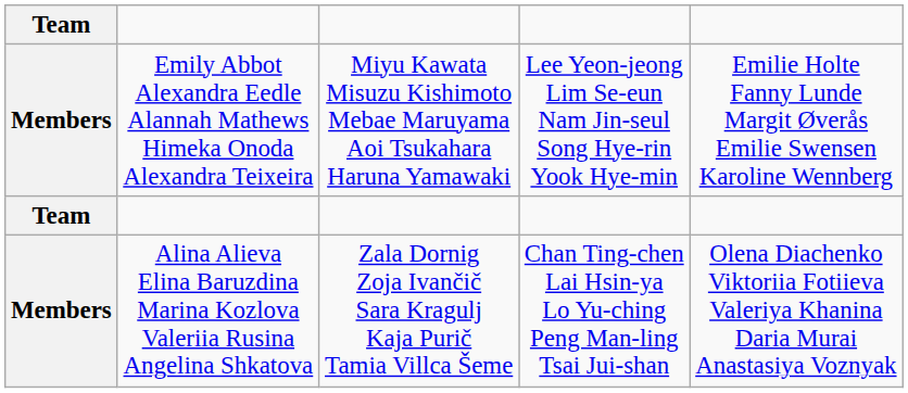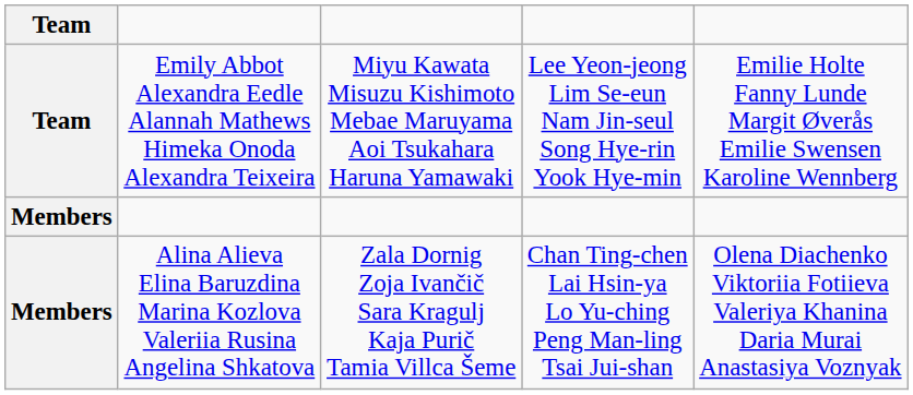 <table class="wikitable" style="text-align:center">
 <tr>
 <th>Team</th>
 <td><strong></strong></td>
 <td><strong></strong></td>
 <td><strong></strong></td>
 <td><strong></strong></td>
 </tr>
 <tr>
-<th>Members</th>
+<th>Team</th>
 <td><a href='#'>Emily Abbot</a> <br><a href='#'>Alexandra Eedle</a><br><a href='#'>Alannah Mathews</a><br><a href='#'>Himeka Onoda</a><br><a href='#'>Alexandra Teixeira</a></td>
 <td><a href='#'>Miyu Kawata</a><br><a href='#'>Misuzu Kishimoto</a><br><a href='#'>Mebae Maruyama</a><br><a href='#'>Aoi Tsukahara</a><br><a href='#'>Haruna Yamawaki</a></td>
 <td><a href='#'>Lee Yeon-jeong</a><br><a href='#'>Lim Se-eun</a><br><a href='#'>Nam Jin-seul</a><br><a href='#'>Song Hye-rin</a><br><a href='#'>Yook Hye-min</a></td>
 <td><a href='#'>Emilie Holte</a><br><a href='#'>Fanny Lunde</a><br><a href='#'>Margit Øverås</a><br><a href='#'>Emilie Swensen</a><br><a href='#'>Karoline Wennberg</a></td>
 </tr>
 <tr>
-<th>Team</th>
+<th>Members</th>
 <td><strong></strong></td>
 <td><strong></strong></td>
 <td><strong></strong></td>
 <td><strong></strong></td>
 </tr>
 <tr>
 <th>Members</th>
 <td><a href='#'>Alina Alieva</a><br><a href='#'>Elina Baruzdina</a><br><a href='#'>Marina Kozlova</a><br><a href='#'>Valeriia Rusina</a><br><a href='#'>Angelina Shkatova</a></td>
 <td><a href='#'>Zala Dornig</a><br><a href='#'>Zoja Ivančič</a><br><a href='#'>Sara Kragulj</a><br><a href='#'>Kaja Purič</a><br><a href='#'>Tamia Villca Šeme</a></td>
 <td><a href='#'>Chan Ting-chen</a><br><a href='#'>Lai Hsin-ya</a><br><a href='#'>Lo Yu-ching</a><br><a href='#'>Peng Man-ling</a><br><a href='#'>Tsai Jui-shan</a></td>
 <td><a href='#'>Olena Diachenko</a><br><a href='#'>Viktoriia Fotiieva</a><br><a href='#'>Valeriya Khanina</a><br><a href='#'>Daria Murai</a><br><a href='#'>Anastasiya Voznyak</a></td>
 </tr>
 </table>
